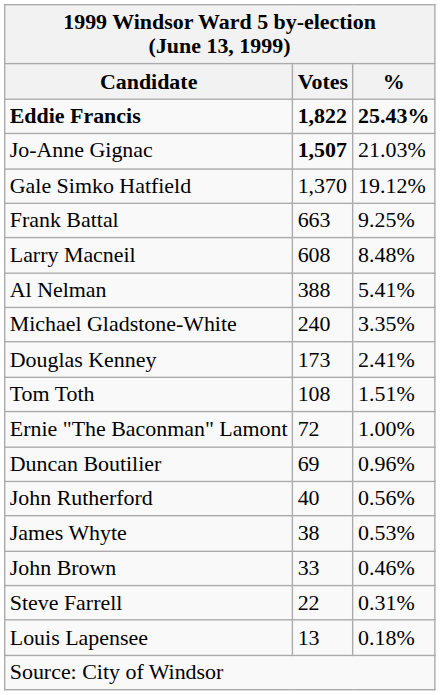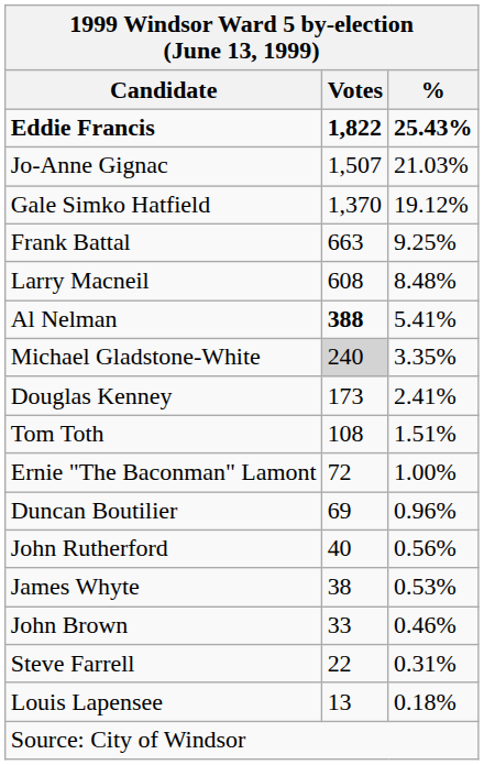 <table class="wikitable">
 <tr>
 <th colspan="3"><strong>1999 Windsor Ward 5 by-election</strong><br><strong>(June 13, 1999)</strong></th>
 </tr>
 <tr>
 <th>Candidate</th>
 <th>Votes</th>
 <th>%</th>
 </tr>
 <tr>
 <td><strong>Eddie Francis</strong></td>
 <td><strong>1,822</strong></td>
 <td><strong>25.43%</strong></td>
 </tr>
 <tr>
 <td>Jo-Anne Gignac</td>
-<td><strong>1,507</strong></td>
+<td>1,507</td>
 <td>21.03%</td>
 </tr>
 <tr>
 <td>Gale Simko Hatfield</td>
 <td>1,370</td>
 <td>19.12%</td>
 </tr>
 <tr>
 <td>Frank Battal</td>
 <td>663</td>
 <td>9.25%</td>
 </tr>
 <tr>
 <td>Larry Macneil</td>
 <td>608</td>
 <td>8.48%</td>
 </tr>
 <tr>
 <td>Al Nelman</td>
-<td>388</td>
+<td><strong>388</strong></td>
 <td>5.41%</td>
 </tr>
 <tr>
 <td>Michael Gladstone-White</td>
-<td>240</td>
+<td style="background: lightgrey;">240</td>
 <td>3.35%</td>
 </tr>
 <tr>
 <td>Douglas Kenney</td>
 <td>173</td>
 <td>2.41%</td>
 </tr>
 <tr>
 <td>Tom Toth</td>
 <td>108</td>
 <td>1.51%</td>
 </tr>
 <tr>
 <td>Ernie "The Baconman" Lamont</td>
 <td>72</td>
 <td>1.00%</td>
 </tr>
 <tr>
 <td>Duncan Boutilier</td>
 <td>69</td>
 <td>0.96%</td>
 </tr>
 <tr>
 <td>John Rutherford</td>
 <td>40</td>
 <td>0.56%</td>
 </tr>
 <tr>
 <td>James Whyte</td>
 <td>38</td>
 <td>0.53%</td>
 </tr>
 <tr>
 <td>John Brown</td>
 <td>33</td>
 <td>0.46%</td>
 </tr>
 <tr>
 <td>Steve Farrell</td>
 <td>22</td>
 <td>0.31%</td>
 </tr>
 <tr>
 <td>Louis Lapensee</td>
 <td>13</td>
 <td>0.18%</td>
 </tr>
 <tr>
 <td colspan="3">Source: City of Windsor</td>
 </tr>
 </table>
